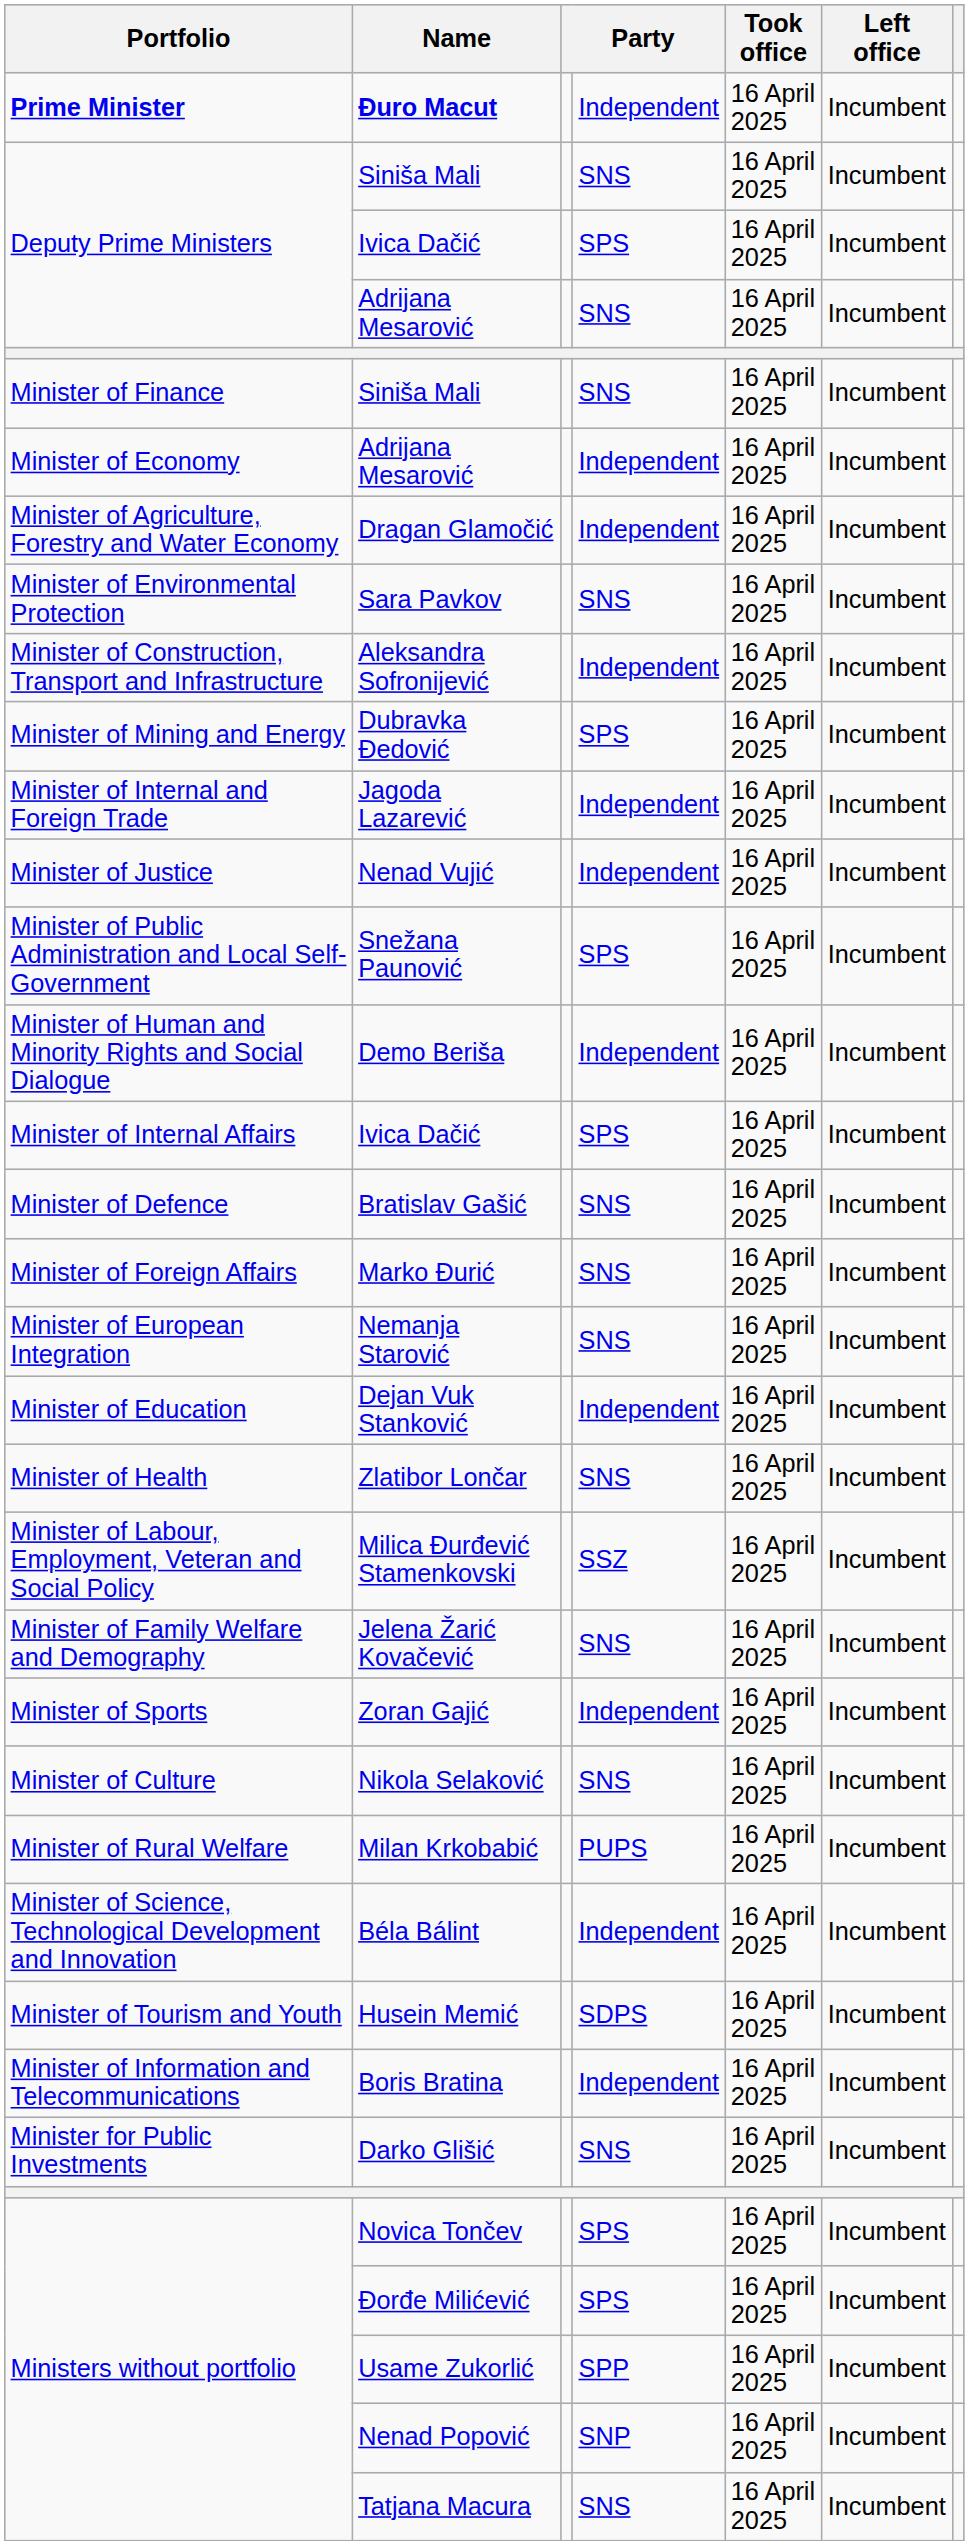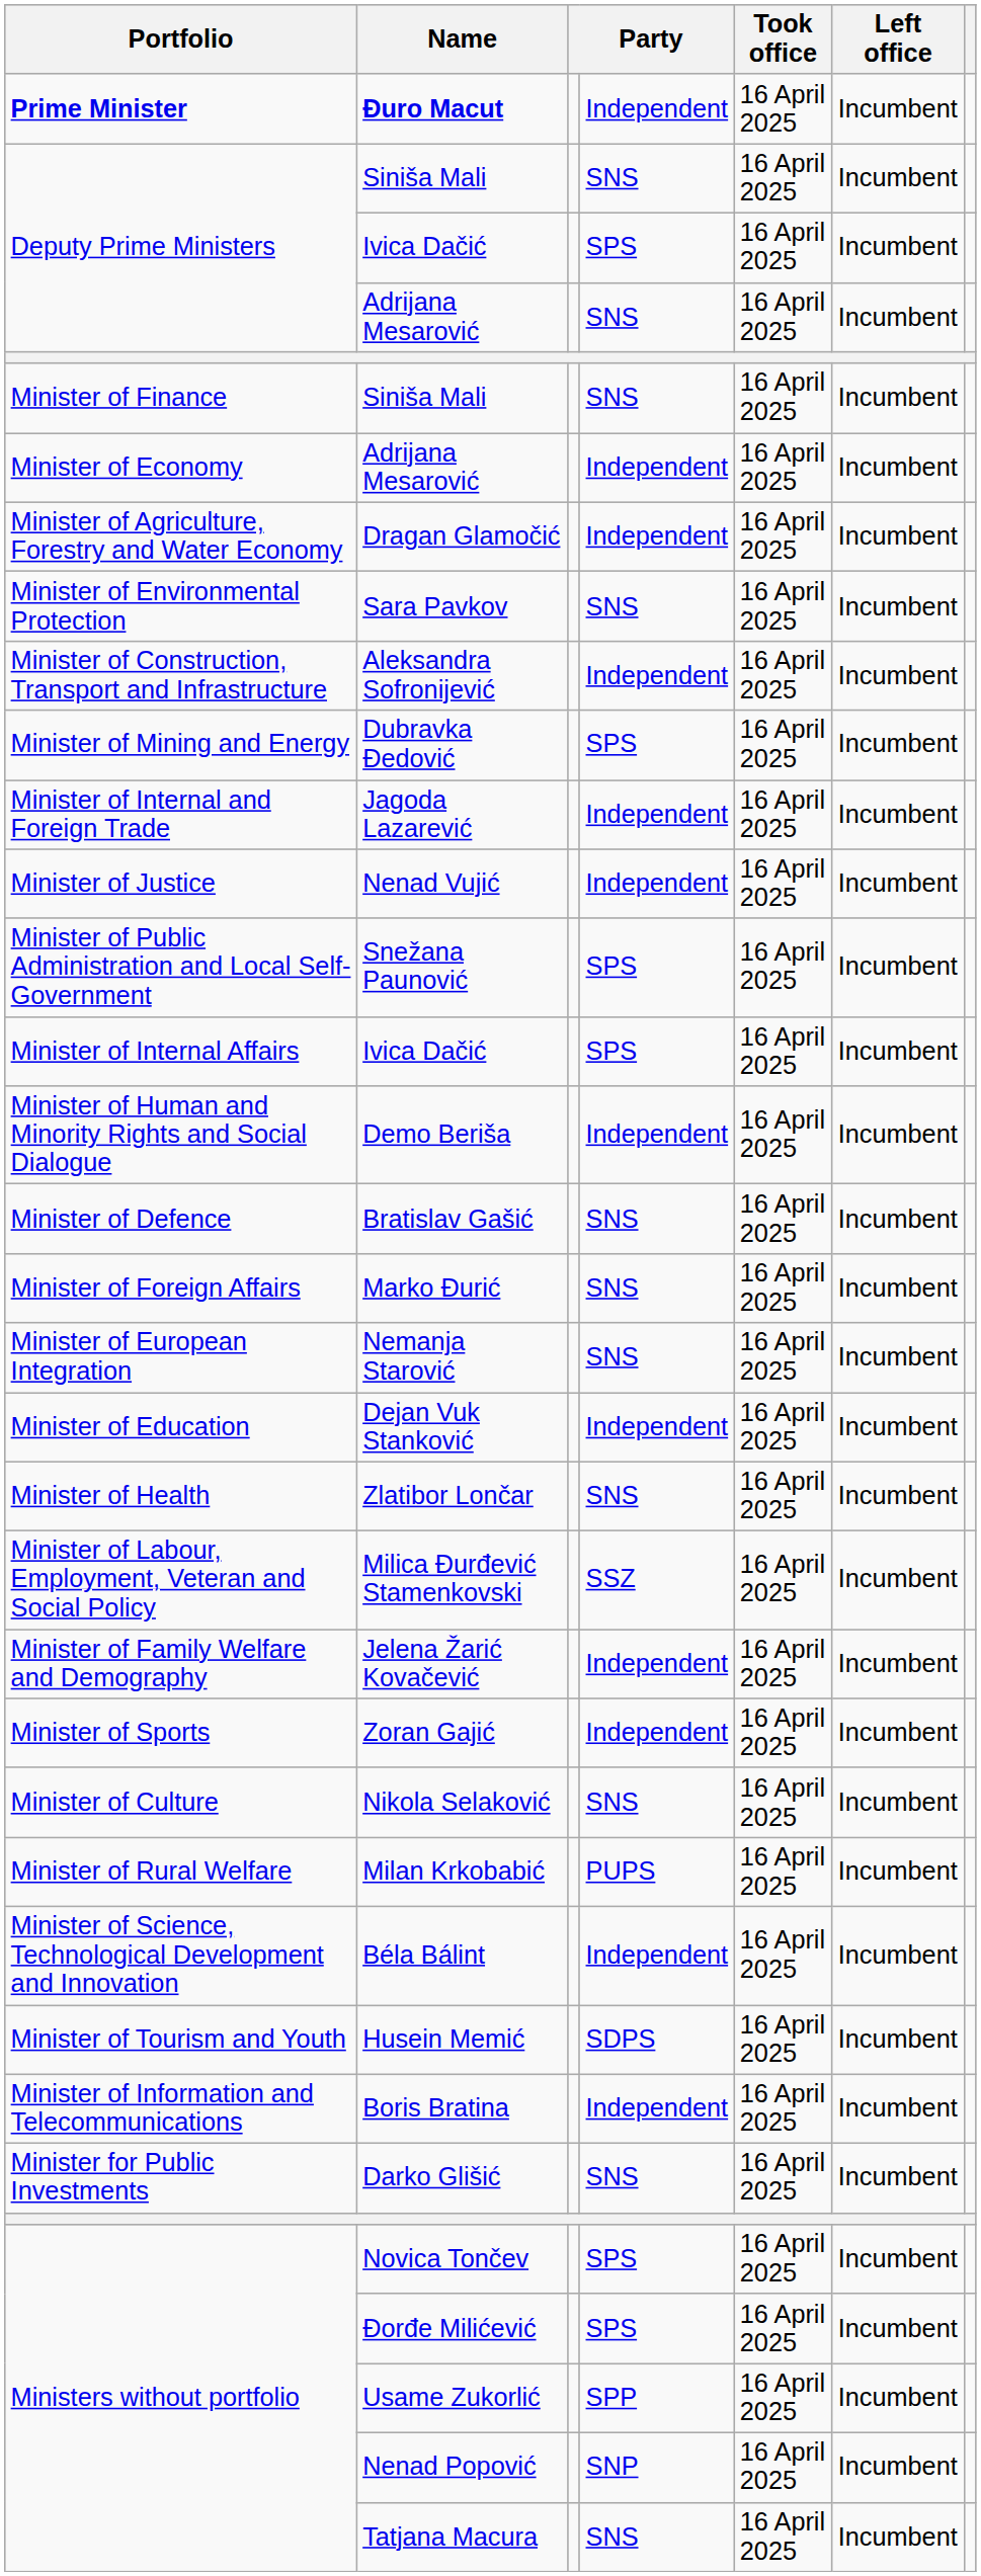 <table class="wikitable">
 <tr>
 <th>Portfolio</th>
 <th>Name</th>
 <th colspan="2">Party</th>
 <th>Took office</th>
 <th>Left office</th>
 <th></th>
 </tr>
 <tr>
 <td><strong><a href='#'>Prime Minister</a></strong></td>
 <td><strong><a href='#'>Đuro Macut</a></strong></td>
 <td style="background-color:"></td>
 <td><a href='#'>Independent</a></td>
 <td>16 April 2025</td>
 <td>Incumbent</td>
 <td></td>
 </tr>
 <tr>
 <td rowspan="3"><a href='#'>Deputy Prime Ministers</a></td>
 <td><a href='#'>Siniša Mali</a></td>
 <td style="background-color:"></td>
 <td><a href='#'>SNS</a></td>
 <td>16 April 2025</td>
 <td>Incumbent</td>
 <td></td>
 </tr>
 <tr>
 <td><a href='#'>Ivica Dačić</a></td>
 <td style="background-color:"></td>
 <td><a href='#'>SPS</a></td>
 <td>16 April 2025</td>
 <td>Incumbent</td>
 <td></td>
 </tr>
 <tr>
 <td><a href='#'>Adrijana Mesarović</a></td>
 <td style="background-color:"></td>
 <td><a href='#'>SNS</a></td>
 <td>16 April 2025</td>
 <td>Incumbent</td>
 <td></td>
 </tr>
 <tr>
 <th colspan="7"></th>
 </tr>
 <tr>
 <td><a href='#'>Minister of Finance</a></td>
 <td><a href='#'>Siniša Mali</a></td>
 <td style="background-color:"></td>
 <td><a href='#'>SNS</a></td>
 <td>16 April 2025</td>
 <td>Incumbent</td>
 <td></td>
 </tr>
 <tr>
 <td><a href='#'>Minister of Economy</a></td>
 <td><a href='#'>Adrijana Mesarović</a></td>
 <td style="background-color:"></td>
 <td><a href='#'>Independent</a></td>
 <td>16 April 2025</td>
 <td>Incumbent</td>
 <td></td>
 </tr>
 <tr>
 <td><a href='#'>Minister of Agriculture, Forestry and Water Economy</a></td>
 <td><a href='#'>Dragan Glamočić</a></td>
 <td style="background-color:"></td>
 <td><a href='#'>Independent</a></td>
 <td>16 April 2025</td>
 <td>Incumbent</td>
 <td></td>
 </tr>
 <tr>
 <td><a href='#'>Minister of Environmental Protection</a></td>
 <td><a href='#'>Sara Pavkov</a></td>
 <td style="background-color:"></td>
 <td><a href='#'>SNS</a></td>
 <td>16 April 2025</td>
 <td>Incumbent</td>
 <td></td>
 </tr>
 <tr>
 <td><a href='#'>Minister of Construction, Transport and Infrastructure</a></td>
 <td><a href='#'>Aleksandra Sofronijević</a></td>
 <td style="background-color:"></td>
 <td><a href='#'>Independent</a></td>
 <td>16 April 2025</td>
 <td>Incumbent</td>
 <td></td>
 </tr>
 <tr>
 <td><a href='#'>Minister of Mining and Energy</a></td>
 <td><a href='#'>Dubravka Đedović</a></td>
 <td style="background-color:"></td>
 <td><a href='#'>SPS</a></td>
 <td>16 April 2025</td>
 <td>Incumbent</td>
 <td></td>
 </tr>
 <tr>
 <td><a href='#'>Minister of Internal and Foreign Trade</a></td>
 <td><a href='#'>Jagoda Lazarević</a></td>
 <td style="background-color:"></td>
 <td><a href='#'>Independent</a></td>
 <td>16 April 2025</td>
 <td>Incumbent</td>
 <td></td>
 </tr>
 <tr>
 <td><a href='#'>Minister of Justice</a></td>
 <td><a href='#'>Nenad Vujić</a></td>
 <td style="background-color:"></td>
 <td><a href='#'>Independent</a></td>
 <td>16 April 2025</td>
 <td>Incumbent</td>
 <td></td>
 </tr>
 <tr>
 <td><a href='#'>Minister of Public Administration and Local Self-Government</a></td>
 <td><a href='#'>Snežana Paunović</a></td>
 <td style="background-color:"></td>
 <td><a href='#'>SPS</a></td>
 <td>16 April 2025</td>
 <td>Incumbent</td>
 <td></td>
 </tr>
 <tr>
-<td><a href='#'>Minister of Human and Minority Rights and Social Dialogue</a></td>
-<td><a href='#'>Demo Beriša</a></td>
+<td><a href='#'>Minister of Internal Affairs</a></td>
+<td><a href='#'>Ivica Dačić</a></td>
 <td style="background-color:"></td>
-<td><a href='#'>Independent</a></td>
+<td><a href='#'>SPS</a></td>
 <td>16 April 2025</td>
 <td>Incumbent</td>
 <td></td>
 </tr>
 <tr>
-<td><a href='#'>Minister of Internal Affairs</a></td>
-<td><a href='#'>Ivica Dačić</a></td>
+<td><a href='#'>Minister of Human and Minority Rights and Social Dialogue</a></td>
+<td><a href='#'>Demo Beriša</a></td>
 <td style="background-color:"></td>
-<td><a href='#'>SPS</a></td>
+<td><a href='#'>Independent</a></td>
 <td>16 April 2025</td>
 <td>Incumbent</td>
 <td></td>
 </tr>
 <tr>
 <td><a href='#'>Minister of Defence</a></td>
 <td><a href='#'>Bratislav Gašić</a></td>
 <td style="background-color:"></td>
 <td><a href='#'>SNS</a></td>
 <td>16 April 2025</td>
 <td>Incumbent</td>
 <td></td>
 </tr>
 <tr>
 <td><a href='#'>Minister of Foreign Affairs</a></td>
 <td><a href='#'>Marko Đurić</a></td>
 <td style="background-color:"></td>
 <td><a href='#'>SNS</a></td>
 <td>16 April 2025</td>
 <td>Incumbent</td>
 <td></td>
 </tr>
 <tr>
 <td><a href='#'>Minister of European Integration</a></td>
 <td><a href='#'>Nemanja Starović</a></td>
 <td style="background-color:"></td>
 <td><a href='#'>SNS</a></td>
 <td>16 April 2025</td>
 <td>Incumbent</td>
 <td></td>
 </tr>
 <tr>
 <td><a href='#'>Minister of Education</a></td>
 <td><a href='#'>Dejan Vuk Stanković</a></td>
 <td style="background-color:"></td>
 <td><a href='#'>Independent</a></td>
 <td>16 April 2025</td>
 <td>Incumbent</td>
 <td></td>
 </tr>
 <tr>
 <td><a href='#'>Minister of Health</a></td>
 <td><a href='#'>Zlatibor Lončar</a></td>
 <td style="background-color:"></td>
 <td><a href='#'>SNS</a></td>
 <td>16 April 2025</td>
 <td>Incumbent</td>
 <td></td>
 </tr>
 <tr>
 <td><a href='#'>Minister of Labour, Employment, Veteran and Social Policy</a></td>
 <td><a href='#'>Milica Đurđević Stamenkovski</a></td>
 <td style="background-color:"></td>
 <td><a href='#'>SSZ</a></td>
 <td>16 April 2025</td>
 <td>Incumbent</td>
 <td></td>
 </tr>
 <tr>
 <td><a href='#'>Minister of Family Welfare and Demography</a></td>
 <td><a href='#'>Jelena Žarić Kovačević</a></td>
 <td style="background-color:"></td>
-<td><a href='#'>SNS</a></td>
+<td><a href='#'>Independent</a></td>
 <td>16 April 2025</td>
 <td>Incumbent</td>
 <td></td>
 </tr>
 <tr>
 <td><a href='#'>Minister of Sports</a></td>
 <td><a href='#'>Zoran Gajić</a></td>
 <td style="background-color:"></td>
 <td><a href='#'>Independent</a></td>
 <td>16 April 2025</td>
 <td>Incumbent</td>
 <td></td>
 </tr>
 <tr>
 <td><a href='#'>Minister of Culture</a></td>
 <td><a href='#'>Nikola Selaković</a></td>
 <td style="background-color:"></td>
 <td><a href='#'>SNS</a></td>
 <td>16 April 2025</td>
 <td>Incumbent</td>
 <td></td>
 </tr>
 <tr>
 <td><a href='#'>Minister of Rural Welfare</a></td>
 <td><a href='#'>Milan Krkobabić</a></td>
 <td style="background-color:"></td>
 <td><a href='#'>PUPS</a></td>
 <td>16 April 2025</td>
 <td>Incumbent</td>
 <td></td>
 </tr>
 <tr>
 <td><a href='#'>Minister of Science, Technological Development and Innovation</a></td>
 <td><a href='#'>Béla Bálint</a></td>
 <td style="background-color:"></td>
 <td><a href='#'>Independent</a></td>
 <td>16 April 2025</td>
 <td>Incumbent</td>
 <td></td>
 </tr>
 <tr>
 <td><a href='#'>Minister of Tourism and Youth</a></td>
 <td><a href='#'>Husein Memić</a></td>
 <td style="background-color:"></td>
 <td><a href='#'>SDPS</a></td>
 <td>16 April 2025</td>
 <td>Incumbent</td>
 <td></td>
 </tr>
 <tr>
 <td><a href='#'>Minister of Information and Telecommunications</a></td>
 <td><a href='#'>Boris Bratina</a></td>
 <td style="background-color:"></td>
 <td><a href='#'>Independent</a></td>
 <td>16 April 2025</td>
 <td>Incumbent</td>
 <td></td>
 </tr>
 <tr>
 <td><a href='#'>Minister for Public Investments</a></td>
 <td><a href='#'>Darko Glišić</a></td>
 <td style="background-color:"></td>
 <td><a href='#'>SNS</a></td>
 <td>16 April 2025</td>
 <td>Incumbent</td>
 <td></td>
 </tr>
 <tr>
 <th colspan="7"></th>
 </tr>
 <tr>
 <td rowspan="5"><a href='#'>Ministers without portfolio</a></td>
 <td><a href='#'>Novica Tončev</a></td>
 <td style="background-color:"></td>
 <td><a href='#'>SPS</a></td>
 <td>16 April 2025</td>
 <td>Incumbent</td>
 <td></td>
 </tr>
 <tr>
 <td><a href='#'>Đorđe Milićević</a></td>
 <td style="background-color:"></td>
 <td><a href='#'>SPS</a></td>
 <td>16 April 2025</td>
 <td>Incumbent</td>
 <td></td>
 </tr>
 <tr>
 <td><a href='#'>Usame Zukorlić</a></td>
 <td style="background-color:"></td>
 <td><a href='#'>SPP</a></td>
 <td>16 April 2025</td>
 <td>Incumbent</td>
 <td></td>
 </tr>
 <tr>
 <td><a href='#'>Nenad Popović</a></td>
 <td style="background-color:"></td>
 <td><a href='#'>SNP</a></td>
 <td>16 April 2025</td>
 <td>Incumbent</td>
 <td></td>
 </tr>
 <tr>
 <td><a href='#'>Tatjana Macura</a></td>
 <td style="background-color:"></td>
 <td><a href='#'>SNS</a></td>
 <td>16 April 2025</td>
 <td>Incumbent</td>
 <td></td>
 </tr>
 </table>
